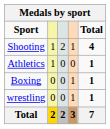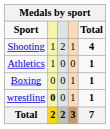 <table class=wikitable style="font-size:85%">
 <tr bgcolor=efefef>
 <th colspan=5><strong>Medals by sport</strong></th>
 </tr>
 <tr align=center>
 <td><strong>Sport</strong></td>
 <td bgcolor=#f7f6a8></td>
 <td bgcolor=#dce5e5></td>
 <td bgcolor=#ffdab9></td>
 <td><strong>Total</strong></td>
 </tr>
 <tr align=center>
 <td><a href='#'>Shooting</a></td>
 <td bgcolor=F7F6A8>1</td>
 <td bgcolor=DCE5E5>2</td>
 <td bgcolor=FFDAB9>1</td>
 <td><strong>4</strong></td>
 </tr>
 <tr align=center>
 <td><a href='#'>Athletics</a></td>
 <td bgcolor=F7F6A8>1</td>
 <td bgcolor=DCE5E5>0</td>
 <td bgcolor=FFDAB9>0</td>
 <td><strong>1</strong></td>
 </tr>
 <tr align=center>
 <td><a href='#'>Boxing</a></td>
 <td bgcolor=F7F6A8>0</td>
 <td bgcolor=DCE5E5>0</td>
 <td bgcolor=FFDAB9>1</td>
 <td><strong>1</strong></td>
 </tr>
 <tr align=center>
 <td><a href='#'>wrestling</a></td>
-<td bgcolor=F7F6A8>0</td>
+<td bgcolor=F7F6A8><strong>0</strong></td>
 <td bgcolor=DCE5E5>0</td>
 <td bgcolor=FFDAB9>1</td>
 <td><strong>1</strong></td>
 </tr>
 <tr align=center>
 <th><strong>Total</strong></th>
 <th style="background:gold"><strong>2</strong></th>
 <th style="background:silver"><strong>2</strong></th>
 <th style="background:#c96"><strong>3</strong></th>
 <th><strong>7</strong></th>
 </tr>
 </table>
